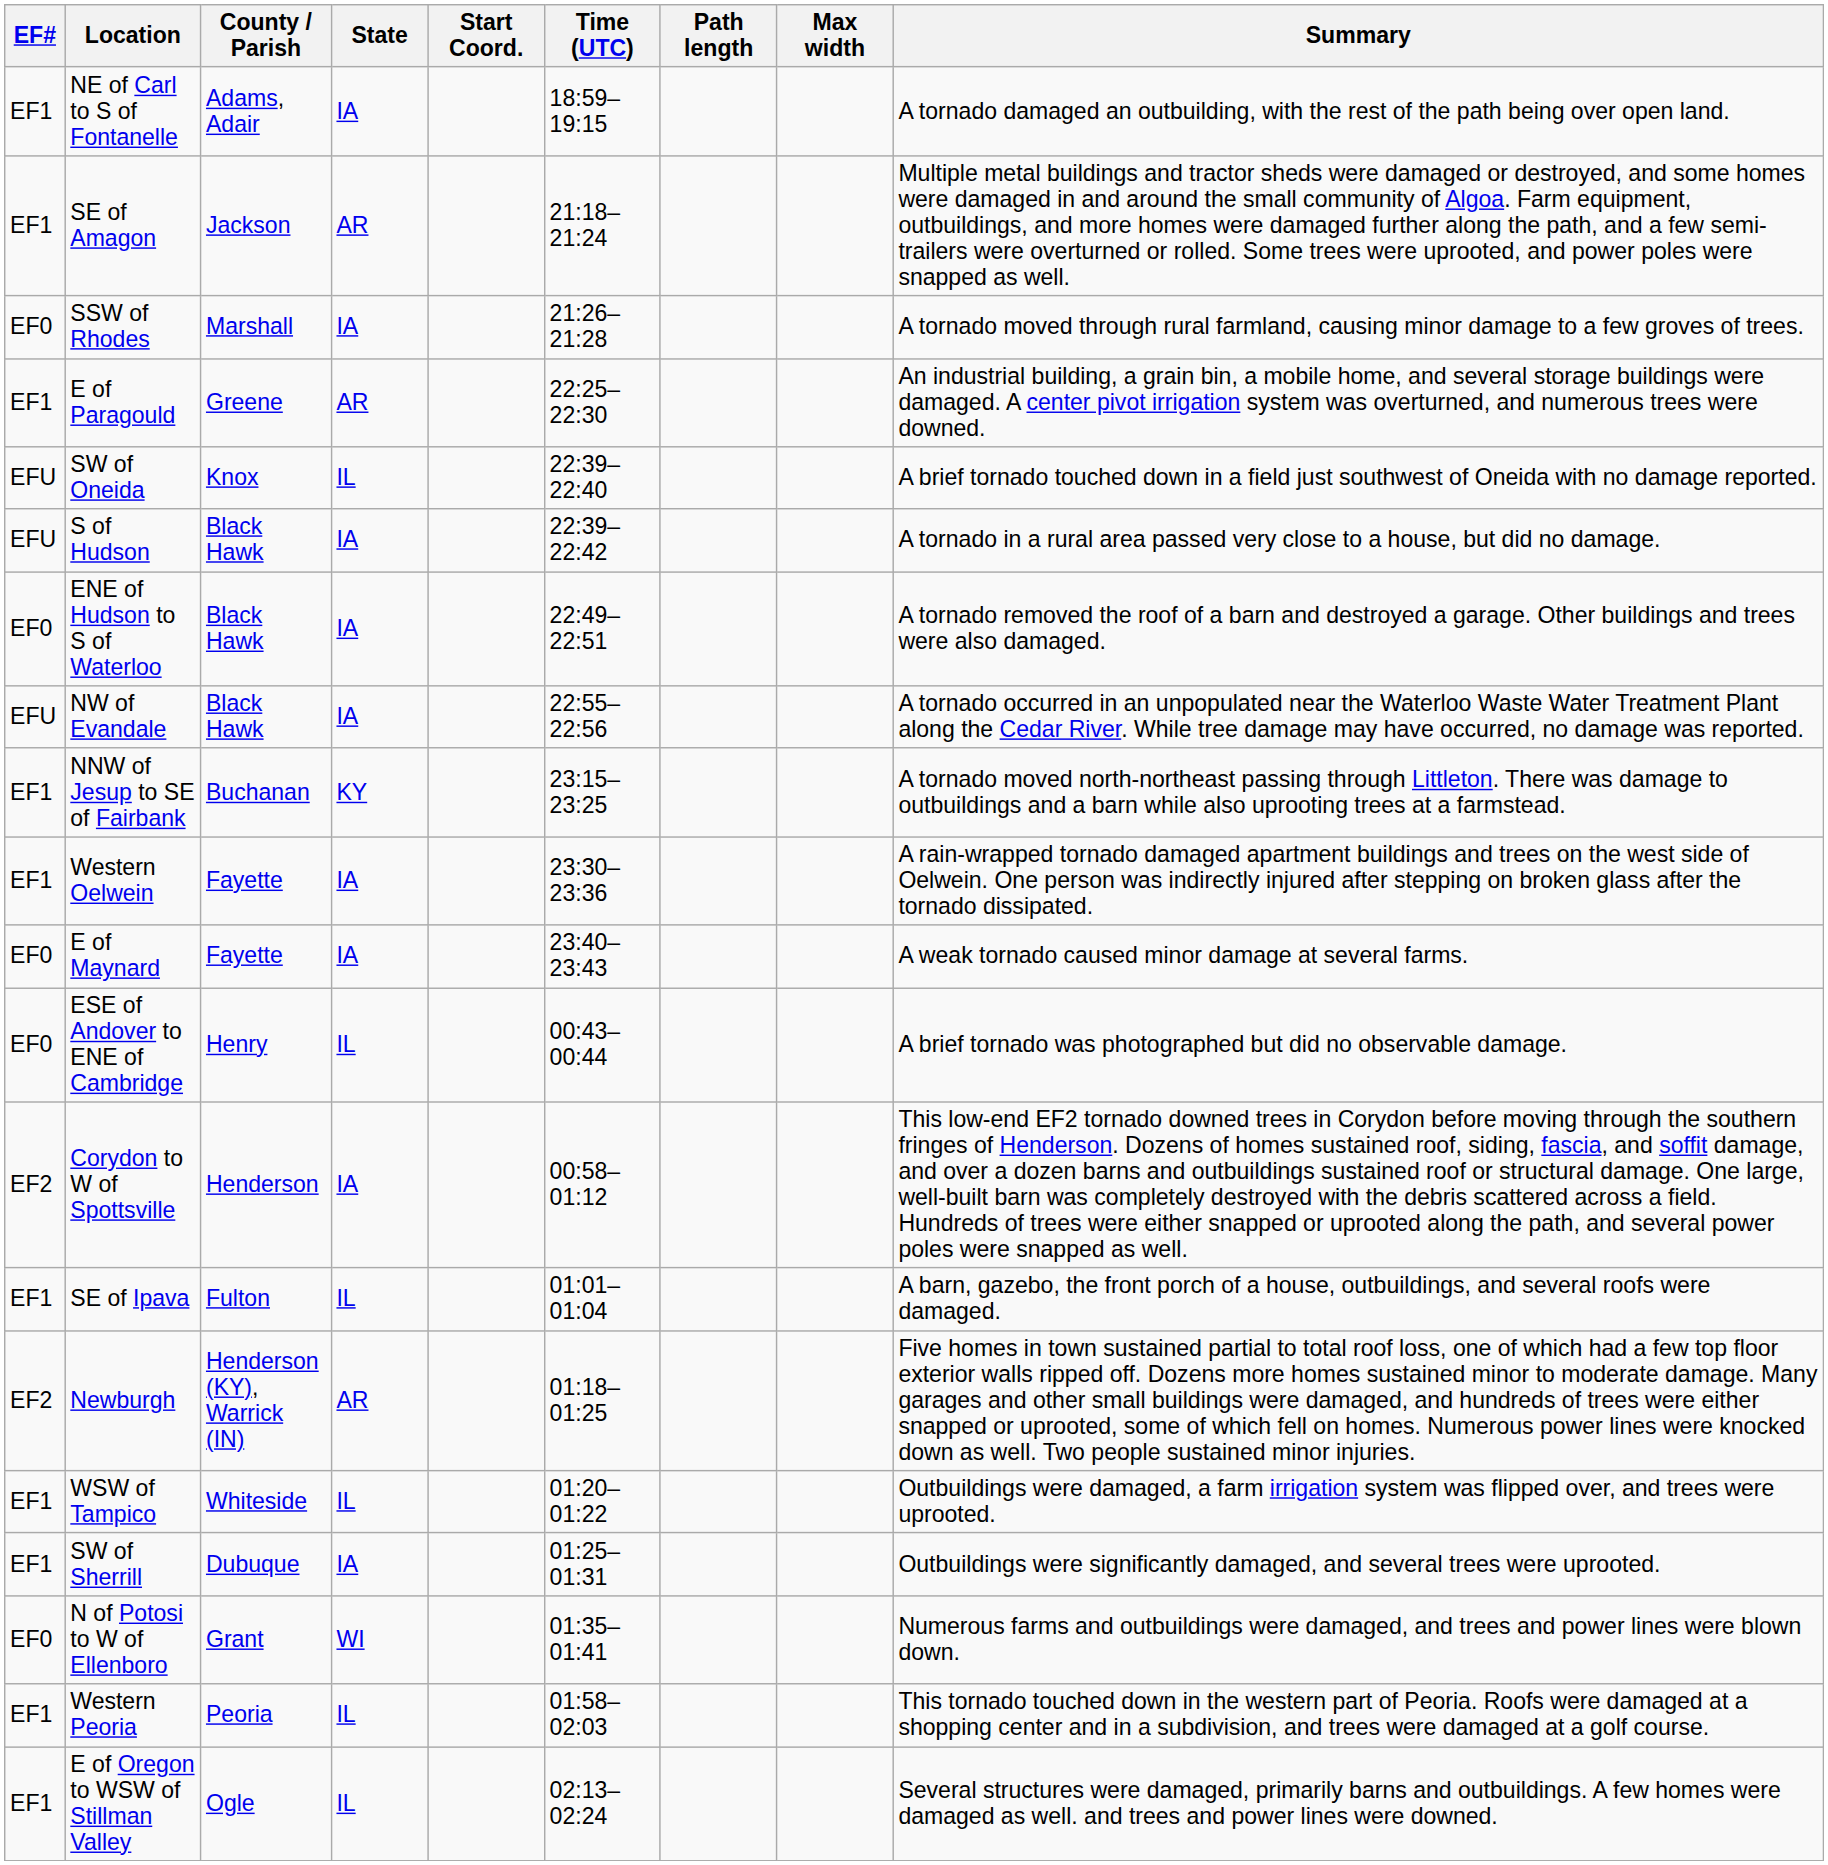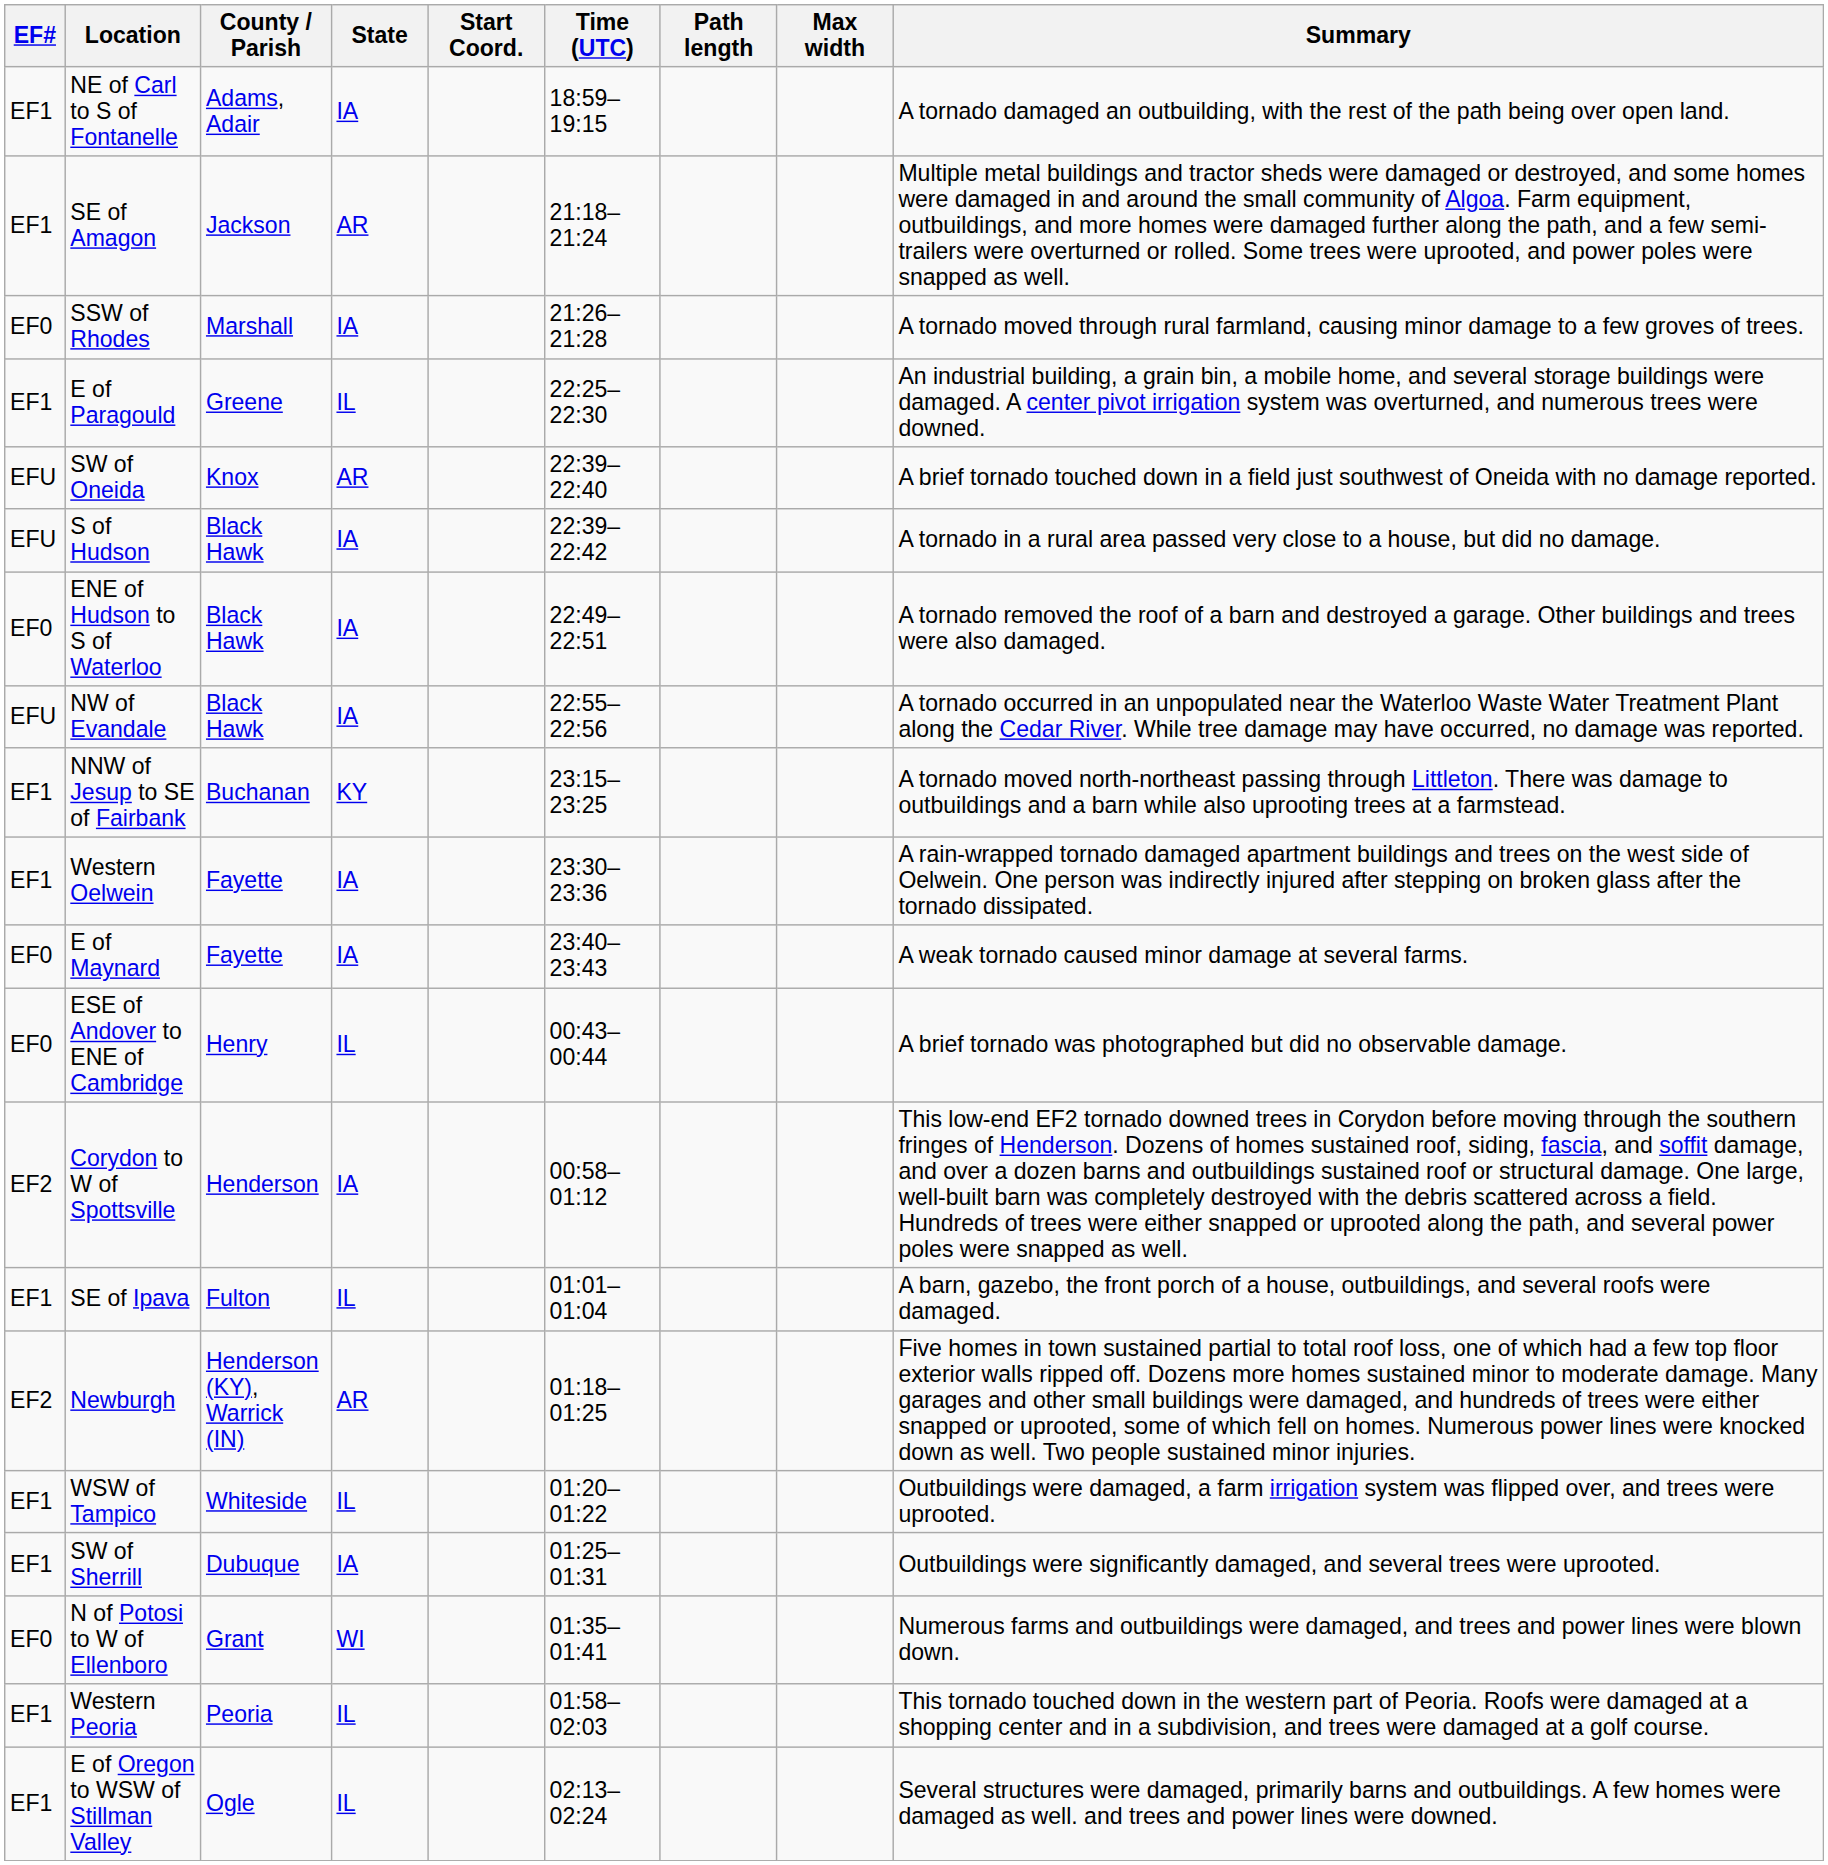 <table class="wikitable sortable" style="width:100%;">
 <tr>
 <th scope="col"  style="width:3%; text-align:center;"><a href='#'>EF#</a></th>
 <th scope="col"  style="width:7%; text-align:center;" class="unsortable">Location</th>
 <th scope="col"  style="width:6%; text-align:center;" class="unsortable">County / Parish</th>
 <th scope="col"  style="width:5%; text-align:center;">State</th>
 <th scope="col"  style="width:6%; text-align:center;">Start Coord.</th>
 <th scope="col"  style="width:6%; text-align:center;">Time (<a href='#'>UTC</a>)</th>
 <th scope="col"  style="width:6%; text-align:center;">Path length</th>
 <th scope="col"  style="width:6%; text-align:center;">Max width</th>
 <th scope="col" class="unsortable" style="width:48%; text-align:center;">Summary</th>
 </tr>
 <tr>
 <td>EF1</td>
 <td>NE of <a href='#'>Carl</a> to S of <a href='#'>Fontanelle</a></td>
 <td><a href='#'>Adams</a>, <a href='#'>Adair</a></td>
 <td><a href='#'>IA</a></td>
 <td></td>
 <td>18:59–19:15</td>
 <td></td>
 <td></td>
 <td>A tornado damaged an outbuilding, with the rest of the path being over open land.</td>
 </tr>
 <tr>
 <td>EF1</td>
 <td>SE of <a href='#'>Amagon</a></td>
 <td><a href='#'>Jackson</a></td>
 <td><a href='#'>AR</a></td>
 <td></td>
 <td>21:18–21:24</td>
 <td></td>
 <td></td>
 <td>Multiple metal buildings and tractor sheds were damaged or destroyed, and some homes were damaged in and around the small community of <a href='#'>Algoa</a>. Farm equipment, outbuildings, and more homes were damaged further along the path, and a few semi-trailers were overturned or rolled. Some trees were uprooted, and power poles were snapped as well.</td>
 </tr>
 <tr>
 <td>EF0</td>
 <td>SSW of <a href='#'>Rhodes</a></td>
 <td><a href='#'>Marshall</a></td>
 <td><a href='#'>IA</a></td>
 <td></td>
 <td>21:26–21:28</td>
 <td></td>
 <td></td>
 <td>A tornado moved through rural farmland, causing minor damage to a few groves of trees.</td>
 </tr>
 <tr>
 <td>EF1</td>
 <td>E of <a href='#'>Paragould</a></td>
 <td><a href='#'>Greene</a></td>
-<td><a href='#'>AR</a></td>
+<td><a href='#'>IL</a></td>
 <td></td>
 <td>22:25–22:30</td>
 <td></td>
 <td></td>
 <td>An industrial building, a grain bin, a mobile home, and several storage buildings were damaged. A <a href='#'>center pivot irrigation</a> system was overturned, and numerous trees were downed.</td>
 </tr>
 <tr>
 <td>EFU</td>
 <td>SW of <a href='#'>Oneida</a></td>
 <td><a href='#'>Knox</a></td>
-<td><a href='#'>IL</a></td>
+<td><a href='#'>AR</a></td>
 <td></td>
 <td>22:39–22:40</td>
 <td></td>
 <td></td>
 <td>A brief tornado touched down in a field just southwest of Oneida with no damage reported.</td>
 </tr>
 <tr>
 <td>EFU</td>
 <td>S of <a href='#'>Hudson</a></td>
 <td><a href='#'>Black Hawk</a></td>
 <td><a href='#'>IA</a></td>
 <td></td>
 <td>22:39–22:42</td>
 <td></td>
 <td></td>
 <td>A tornado in a rural area passed very close to a house, but did no damage.</td>
 </tr>
 <tr>
 <td>EF0</td>
 <td>ENE of <a href='#'>Hudson</a> to S of <a href='#'>Waterloo</a></td>
 <td><a href='#'>Black Hawk</a></td>
 <td><a href='#'>IA</a></td>
 <td></td>
 <td>22:49–22:51</td>
 <td></td>
 <td></td>
 <td>A tornado removed the roof of a barn and destroyed a garage. Other buildings and trees were also damaged.</td>
 </tr>
 <tr>
 <td>EFU</td>
 <td>NW of <a href='#'>Evandale</a></td>
 <td><a href='#'>Black Hawk</a></td>
 <td><a href='#'>IA</a></td>
 <td></td>
 <td>22:55–22:56</td>
 <td></td>
 <td></td>
 <td>A tornado occurred in an unpopulated near the Waterloo Waste Water Treatment Plant along the <a href='#'>Cedar River</a>. While tree damage may have occurred, no damage was reported.</td>
 </tr>
 <tr>
 <td>EF1</td>
 <td>NNW of <a href='#'>Jesup</a> to SE of <a href='#'>Fairbank</a></td>
 <td><a href='#'>Buchanan</a></td>
 <td><a href='#'>KY</a></td>
 <td></td>
 <td>23:15–23:25</td>
 <td></td>
 <td></td>
 <td>A tornado moved north-northeast passing through <a href='#'>Littleton</a>. There was damage to outbuildings and a barn while also uprooting trees at a farmstead.</td>
 </tr>
 <tr>
 <td>EF1</td>
 <td>Western <a href='#'>Oelwein</a></td>
 <td><a href='#'>Fayette</a></td>
 <td><a href='#'>IA</a></td>
 <td></td>
 <td>23:30–23:36</td>
 <td></td>
 <td></td>
 <td>A rain-wrapped tornado damaged apartment buildings and trees on the west side of Oelwein. One person was indirectly injured after stepping on broken glass after the tornado dissipated.</td>
 </tr>
 <tr>
 <td>EF0</td>
 <td>E of <a href='#'>Maynard</a></td>
 <td><a href='#'>Fayette</a></td>
 <td><a href='#'>IA</a></td>
 <td></td>
 <td>23:40–23:43</td>
 <td></td>
 <td></td>
 <td>A weak tornado caused minor damage at several farms.</td>
 </tr>
 <tr>
 <td>EF0</td>
 <td>ESE of <a href='#'>Andover</a> to ENE of <a href='#'>Cambridge</a></td>
 <td><a href='#'>Henry</a></td>
 <td><a href='#'>IL</a></td>
 <td></td>
 <td>00:43–00:44</td>
 <td></td>
 <td></td>
 <td>A brief tornado was photographed but did no observable damage.</td>
 </tr>
 <tr>
 <td>EF2</td>
 <td><a href='#'>Corydon</a> to W of <a href='#'>Spottsville</a></td>
 <td><a href='#'>Henderson</a></td>
 <td><a href='#'>IA</a></td>
 <td></td>
 <td>00:58–01:12</td>
 <td></td>
 <td></td>
 <td>This low-end EF2 tornado downed trees in Corydon before moving through the southern fringes of <a href='#'>Henderson</a>. Dozens of homes sustained roof, siding, <a href='#'>fascia</a>, and <a href='#'>soffit</a> damage, and over a dozen barns and outbuildings sustained roof or structural damage. One large, well-built barn was completely destroyed with the debris scattered across a field. Hundreds of trees were either snapped or uprooted along the path, and several power poles were snapped as well.</td>
 </tr>
 <tr>
 <td>EF1</td>
 <td>SE of <a href='#'>Ipava</a></td>
 <td><a href='#'>Fulton</a></td>
 <td><a href='#'>IL</a></td>
 <td></td>
 <td>01:01–01:04</td>
 <td></td>
 <td></td>
 <td>A barn, gazebo, the front porch of a house, outbuildings, and several roofs were damaged.</td>
 </tr>
 <tr>
 <td>EF2</td>
 <td><a href='#'>Newburgh</a></td>
 <td><a href='#'>Henderson (KY)</a>, <a href='#'>Warrick (IN)</a></td>
 <td><a href='#'>AR</a></td>
 <td></td>
 <td>01:18–01:25</td>
 <td></td>
 <td></td>
 <td>Five homes in town sustained partial to total roof loss, one of which had a few top floor exterior walls ripped off. Dozens more homes sustained minor to moderate damage. Many garages and other small buildings were damaged, and hundreds of trees were either snapped or uprooted, some of which fell on homes. Numerous power lines were knocked down as well. Two people sustained minor injuries.</td>
 </tr>
 <tr>
 <td>EF1</td>
 <td>WSW of <a href='#'>Tampico</a></td>
 <td><a href='#'>Whiteside</a></td>
 <td><a href='#'>IL</a></td>
 <td></td>
 <td>01:20–01:22</td>
 <td></td>
 <td></td>
 <td>Outbuildings were damaged, a farm <a href='#'>irrigation</a> system was flipped over, and trees were uprooted.</td>
 </tr>
 <tr>
 <td>EF1</td>
 <td>SW of <a href='#'>Sherrill</a></td>
 <td><a href='#'>Dubuque</a></td>
 <td><a href='#'>IA</a></td>
 <td></td>
 <td>01:25–01:31</td>
 <td></td>
 <td></td>
 <td>Outbuildings were significantly damaged, and several trees were uprooted.</td>
 </tr>
 <tr>
 <td>EF0</td>
 <td>N of <a href='#'>Potosi</a> to W of <a href='#'>Ellenboro</a></td>
 <td><a href='#'>Grant</a></td>
 <td><a href='#'>WI</a></td>
 <td></td>
 <td>01:35–01:41</td>
 <td></td>
 <td></td>
 <td>Numerous farms and outbuildings were damaged, and trees and power lines were blown down.</td>
 </tr>
 <tr>
 <td>EF1</td>
 <td>Western <a href='#'>Peoria</a></td>
 <td><a href='#'>Peoria</a></td>
 <td><a href='#'>IL</a></td>
 <td></td>
 <td>01:58–02:03</td>
 <td></td>
 <td></td>
 <td>This tornado touched down in the western part of Peoria. Roofs were damaged at a shopping center and in a subdivision, and trees were damaged at a golf course.</td>
 </tr>
 <tr>
 <td>EF1</td>
 <td>E of <a href='#'>Oregon</a> to WSW of <a href='#'>Stillman Valley</a></td>
 <td><a href='#'>Ogle</a></td>
 <td><a href='#'>IL</a></td>
 <td></td>
 <td>02:13–02:24</td>
 <td></td>
 <td></td>
 <td>Several structures were damaged, primarily barns and outbuildings. A few homes were damaged as well. and trees and power lines were downed.</td>
 </tr>
 <tr>
 </tr>
 </table>
